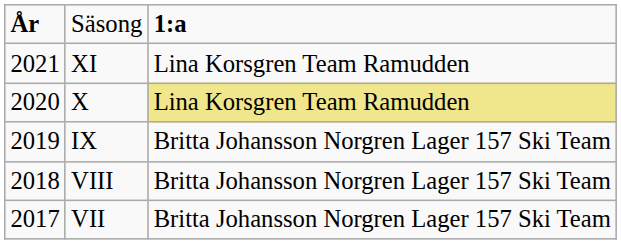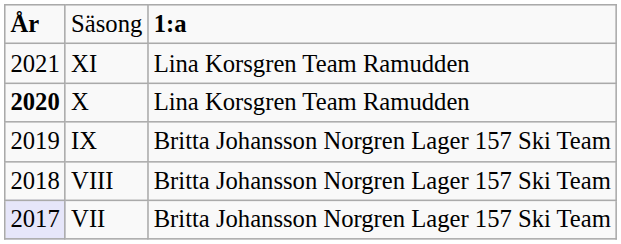 <table class="wikitable sortable">
 <tr>
 <td><strong>År</strong></td>
 <td>Säsong</td>
 <td><strong>1:a</strong></td>
 </tr>
 <tr>
 <td>2021</td>
 <td>XI</td>
 <td>Lina Korsgren Team Ramudden</td>
 </tr>
 <tr>
-<td>2020</td>
+<td><strong>2020</strong></td>
 <td>X</td>
-<td style="background: khaki;">Lina Korsgren Team Ramudden</td>
+<td>Lina Korsgren Team Ramudden</td>
 </tr>
 <tr>
 <td>2019</td>
 <td>IX</td>
 <td>Britta Johansson Norgren Lager 157 Ski Team</td>
 </tr>
 <tr>
 <td>2018</td>
 <td>VIII</td>
 <td>Britta Johansson Norgren Lager 157 Ski Team</td>
 </tr>
 <tr>
-<td>2017</td>
+<td style="background: lavender;">2017</td>
 <td>VII</td>
 <td>Britta Johansson Norgren Lager 157 Ski Team</td>
 </tr>
 </table>
